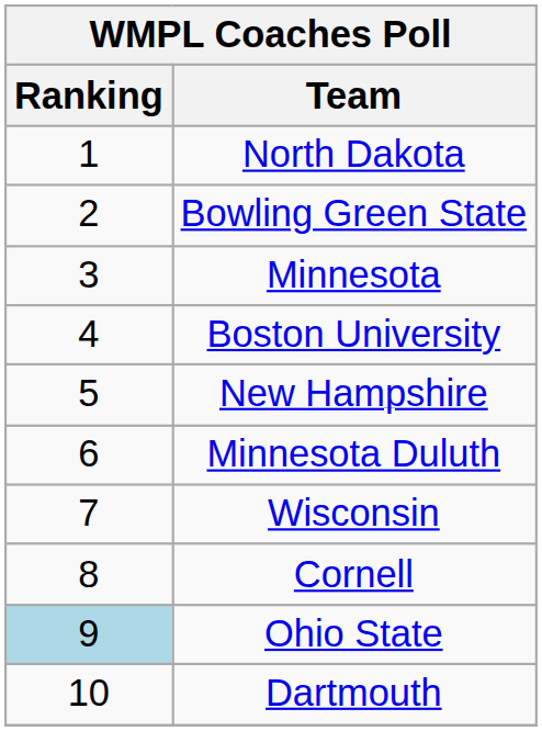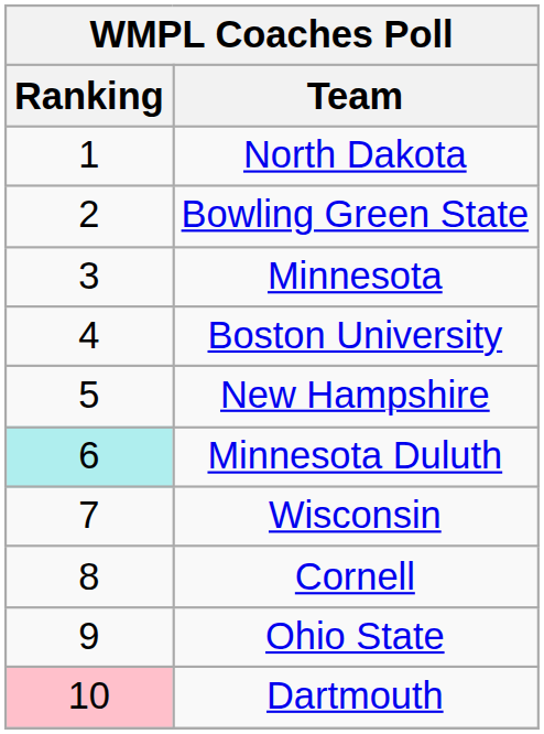 <table class="wikitable" style="text-align:center;">
 <tr>
 <th colspan=2><strong>WMPL Coaches Poll</strong></th>
 </tr>
 <tr>
 <th>Ranking</th>
 <th>Team</th>
 </tr>
 <tr>
 <td>1</td>
 <td><a href='#'>North Dakota</a></td>
 </tr>
 <tr>
 <td>2</td>
 <td><a href='#'>Bowling Green State</a></td>
 </tr>
 <tr>
 <td>3</td>
 <td><a href='#'>Minnesota</a></td>
 </tr>
 <tr>
 <td>4</td>
 <td><a href='#'>Boston University</a></td>
 </tr>
 <tr>
 <td>5</td>
 <td><a href='#'>New Hampshire</a></td>
 </tr>
 <tr>
-<td>6</td>
+<td style="background: paleturquoise;">6</td>
 <td><a href='#'>Minnesota Duluth</a></td>
 </tr>
 <tr>
 <td>7</td>
 <td><a href='#'>Wisconsin</a></td>
 </tr>
 <tr>
 <td>8</td>
 <td><a href='#'>Cornell</a></td>
 </tr>
 <tr>
-<td style="background: lightblue;">9</td>
+<td>9</td>
 <td><a href='#'>Ohio State</a></td>
 </tr>
 <tr>
-<td>10</td>
+<td style="background: pink;">10</td>
 <td><a href='#'>Dartmouth</a></td>
 </tr>
 <tr>
 </tr>
 </table>
